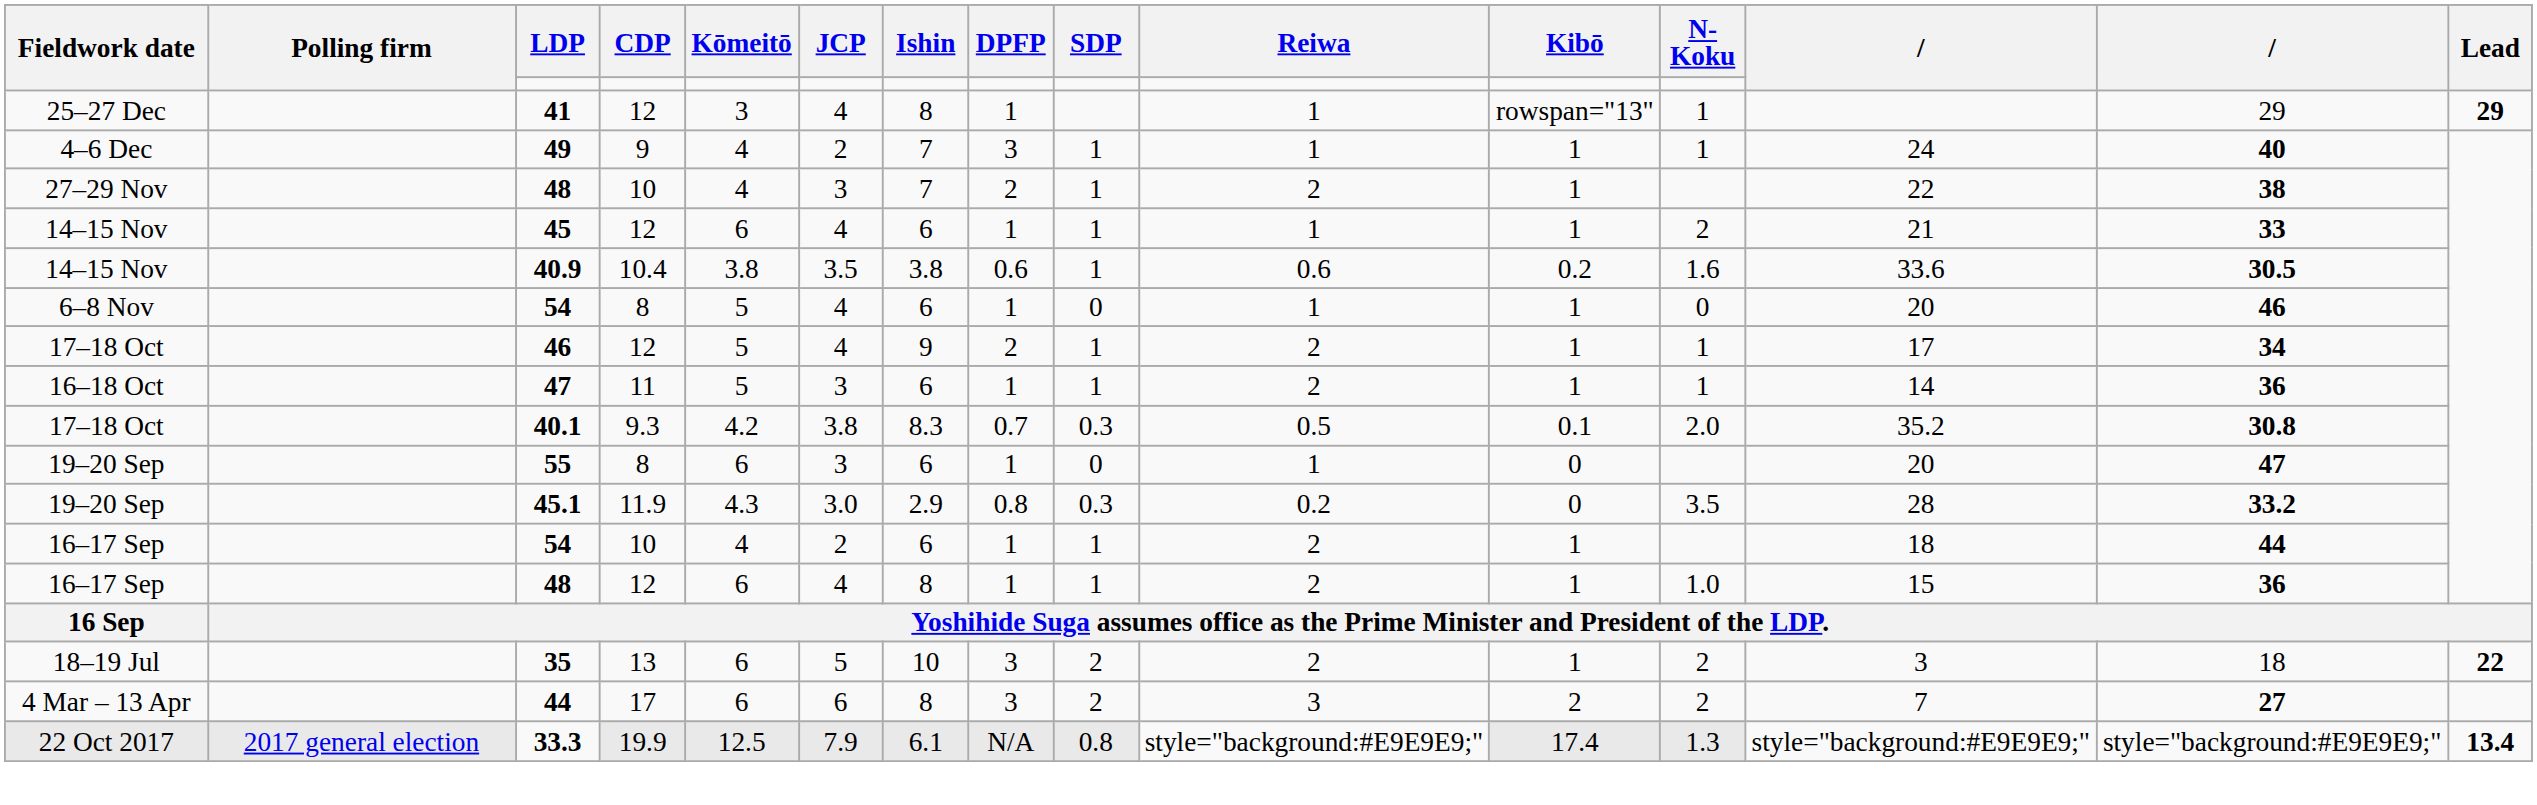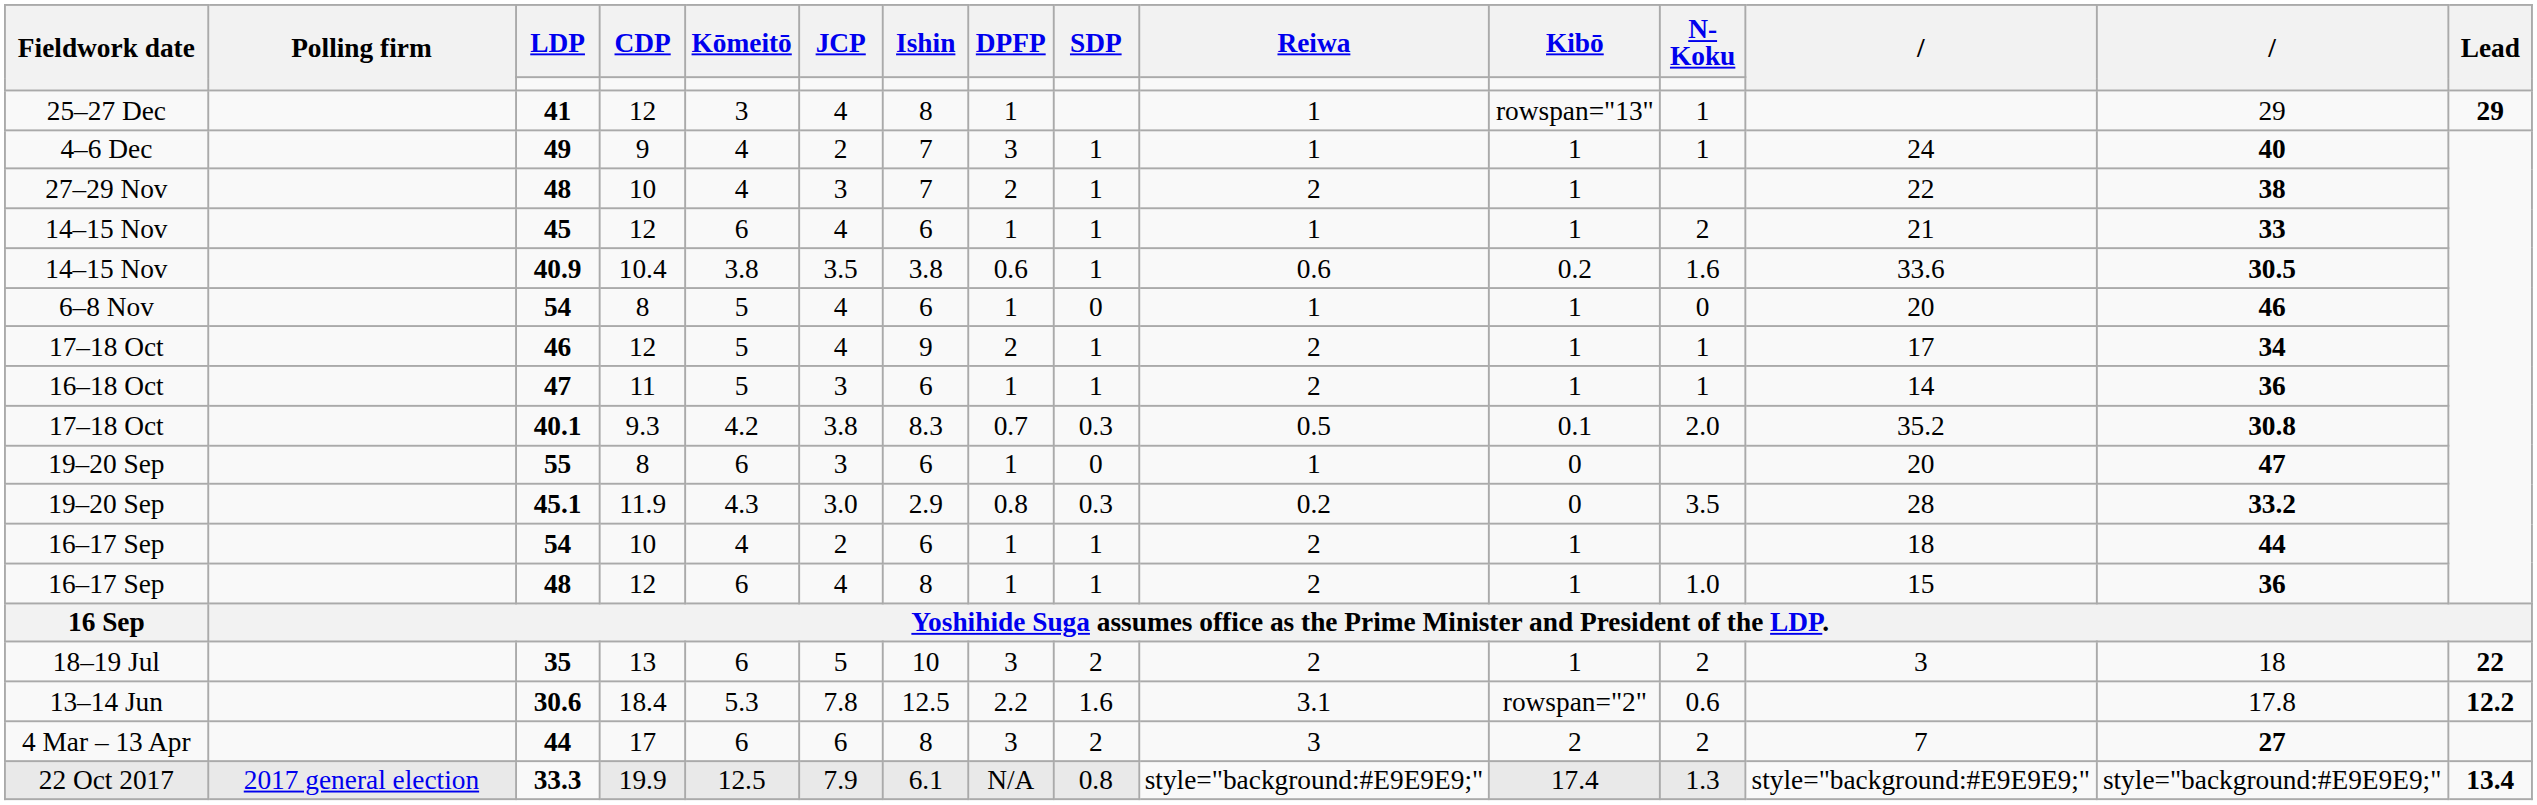 <table class="wikitable mw-datatable" style="text-align:center;font-size:90%;line-height:14px;">
 <tr style="height:38px;">
 <th class="unsortable" rowspan="2" width=100px>Fieldwork date</th>
 <th class="unsortable" rowspan="2" width=155px>Polling firm</th>
 <th class="unsortable" width=38px><a href='#'>LDP</a></th>
 <th class="unsortable" width=38px><a href='#'>CDP</a></th>
 <th class="unsortable" width=38px><a href='#'>Kōmeitō</a></th>
 <th class="unsortable" width=38px><a href='#'>JCP</a></th>
 <th class="unsortable" width=38px><a href='#'>Ishin</a></th>
 <th class="unsortable" width=38px><a href='#'>DPFP</a></th>
 <th class="unsortable" width=38px><a href='#'>SDP</a></th>
 <th class="unsortable" width=38px><a href='#'>Reiwa</a></th>
 <th class="unsortable" width=38px><a href='#'>Kibō</a></th>
 <th class="unsortable" width=38px><a href='#'>N-Koku</a></th>
 <th rowspan="2" class="unsortable" width="38px">/<br></th>
 <th class="unsortable" width=38px rowspan=2>/<br></th>
 <th class="unsortable" width=38px rowspan=2>Lead</th>
 </tr>
 <tr>
 <td style="background-color: "></td>
 <td style="background-color: "></td>
 <td style="background-color: "></td>
 <td style="background-color: "></td>
 <td style="background-color: "></td>
 <td style="background-color: "></td>
 <td style="background-color: "></td>
 <td style="background-color: "></td>
 <td style="background-color: "></td>
 <td style="background-color: "></td>
 </tr>
 <tr>
 <td>25–27 Dec</td>
 <td></td>
 <td><strong>41</strong></td>
 <td>12</td>
 <td>3</td>
 <td>4</td>
 <td>8</td>
 <td>1</td>
 <td></td>
 <td>1</td>
 <td>rowspan="13"  </td>
 <td>1</td>
 <td></td>
 <td>29</td>
 <td style="background:"><strong>29</strong></td>
 </tr>
 <tr>
 <td>4–6 Dec</td>
 <td></td>
 <td><strong>49</strong></td>
 <td>9</td>
 <td>4</td>
 <td>2</td>
 <td>7</td>
 <td>3</td>
 <td>1</td>
 <td>1</td>
 <td>1</td>
 <td>1</td>
 <td>24</td>
 <td style="background:"><strong>40</strong></td>
 </tr>
 <tr>
 <td>27–29 Nov</td>
 <td></td>
 <td><strong>48</strong></td>
 <td>10</td>
 <td>4</td>
 <td>3</td>
 <td>7</td>
 <td>2</td>
 <td>1</td>
 <td>2</td>
 <td>1</td>
 <td></td>
 <td>22</td>
 <td style="background:"><strong>38</strong></td>
 </tr>
 <tr>
 <td>14–15 Nov</td>
 <td></td>
 <td><strong>45</strong></td>
 <td>12</td>
 <td>6</td>
 <td>4</td>
 <td>6</td>
 <td>1</td>
 <td>1</td>
 <td>1</td>
 <td>1</td>
 <td>2</td>
 <td>21</td>
 <td style="background:"><strong>33</strong></td>
 </tr>
 <tr>
 <td>14–15 Nov</td>
 <td></td>
 <td><strong>40.9</strong></td>
 <td>10.4</td>
 <td>3.8</td>
 <td>3.5</td>
 <td>3.8</td>
 <td>0.6</td>
 <td>1</td>
 <td>0.6</td>
 <td>0.2</td>
 <td>1.6</td>
 <td>33.6</td>
 <td style="background:"><strong>30.5</strong></td>
 </tr>
 <tr>
 <td>6–8 Nov</td>
 <td></td>
 <td><strong>54</strong></td>
 <td>8</td>
 <td>5</td>
 <td>4</td>
 <td>6</td>
 <td>1</td>
 <td>0</td>
 <td>1</td>
 <td>1</td>
 <td>0</td>
 <td>20</td>
 <td style="background:"><strong>46</strong></td>
 </tr>
 <tr>
 <td>17–18 Oct</td>
 <td></td>
 <td><strong>46</strong></td>
 <td>12</td>
 <td>5</td>
 <td>4</td>
 <td>9</td>
 <td>2</td>
 <td>1</td>
 <td>2</td>
 <td>1</td>
 <td>1</td>
 <td>17</td>
 <td style="background:"><strong>34</strong></td>
 </tr>
 <tr>
 <td>16–18 Oct</td>
 <td></td>
 <td><strong>47</strong></td>
 <td>11</td>
 <td>5</td>
 <td>3</td>
 <td>6</td>
 <td>1</td>
 <td>1</td>
 <td>2</td>
 <td>1</td>
 <td>1</td>
 <td>14</td>
 <td style="background:"><strong>36</strong></td>
 </tr>
 <tr>
 <td>17–18 Oct</td>
 <td></td>
 <td><strong>40.1</strong></td>
 <td>9.3</td>
 <td>4.2</td>
 <td>3.8</td>
 <td>8.3</td>
 <td>0.7</td>
 <td>0.3</td>
 <td>0.5</td>
 <td>0.1</td>
 <td>2.0</td>
 <td>35.2</td>
 <td style="background:"><strong>30.8</strong></td>
 </tr>
 <tr>
 <td>19–20 Sep</td>
 <td></td>
 <td><strong>55</strong></td>
 <td>8</td>
 <td>6</td>
 <td>3</td>
 <td>6</td>
 <td>1</td>
 <td>0</td>
 <td>1</td>
 <td>0</td>
 <td></td>
 <td>20</td>
 <td style="background:"><strong>47</strong></td>
 </tr>
 <tr>
 <td>19–20 Sep</td>
 <td></td>
 <td><strong>45.1</strong></td>
 <td>11.9</td>
 <td>4.3</td>
 <td>3.0</td>
 <td>2.9</td>
 <td>0.8</td>
 <td>0.3</td>
 <td>0.2</td>
 <td>0</td>
 <td>3.5</td>
 <td>28</td>
 <td style="background:"><strong>33.2</strong></td>
 </tr>
 <tr>
 <td>16–17 Sep</td>
 <td></td>
 <td><strong>54</strong></td>
 <td>10</td>
 <td>4</td>
 <td>2</td>
 <td>6</td>
 <td>1</td>
 <td>1</td>
 <td>2</td>
 <td>1</td>
 <td></td>
 <td>18</td>
 <td style="background:"><strong>44</strong></td>
 </tr>
 <tr>
 <td>16–17 Sep</td>
 <td></td>
 <td><strong>48</strong></td>
 <td>12</td>
 <td>6</td>
 <td>4</td>
 <td>8</td>
 <td>1</td>
 <td>1</td>
 <td>2</td>
 <td>1</td>
 <td>1.0</td>
 <td>15</td>
 <td style="background:"><strong>36</strong></td>
 </tr>
 <tr>
 <th>16 Sep</th>
 <th colspan="14"><a href='#'>Yoshihide Suga</a> assumes office as the Prime Minister and President of the <a href='#'>LDP</a>.</th>
 </tr>
 <tr>
 <td>18–19 Jul</td>
 <td></td>
 <td><strong>35</strong></td>
 <td>13</td>
 <td>6</td>
 <td>5</td>
 <td>10</td>
 <td>3</td>
 <td>2</td>
 <td>2</td>
 <td>1</td>
 <td>2</td>
 <td>3</td>
 <td>18</td>
 <td style="background:"><strong>22</strong></td>
 </tr>
 <tr>
+<td>13–14 Jun</td>
+<td></td>
+<td><strong>30.6</strong></td>
+<td>18.4</td>
+<td>5.3</td>
+<td>7.8</td>
+<td>12.5</td>
+<td>2.2</td>
+<td>1.6</td>
+<td>3.1</td>
+<td>rowspan="2"  </td>
+<td>0.6</td>
+<td></td>
+<td>17.8</td>
+<td style="background:"><strong>12.2</strong></td>
+</tr>
+<tr>
 <td>4 Mar – 13 Apr</td>
 <td></td>
 <td><strong>44</strong></td>
 <td>17</td>
 <td>6</td>
 <td>6</td>
 <td>8</td>
 <td>3</td>
 <td>2</td>
 <td>3</td>
 <td>2</td>
 <td>2</td>
 <td>7</td>
 <td style="background:"><strong>27</strong></td>
 </tr>
 <tr>
 <td style="background:#E9E9E9;" data-sort-value="2017-10-22">22 Oct 2017</td>
 <td style="background:#E9E9E9;"><a href='#'>2017 general election</a></td>
 <td><strong>33.3</strong></td>
 <td style="background:#E9E9E9;">19.9</td>
 <td style="background:#E9E9E9;">12.5</td>
 <td style="background:#E9E9E9;">7.9</td>
 <td style="background:#E9E9E9;">6.1</td>
 <td style="background:#E9E9E9;">N/A</td>
 <td style="background:#E9E9E9;">0.8</td>
 <td>style="background:#E9E9E9;" </td>
 <td style="background:#E9E9E9;">17.4</td>
 <td style="background:#E9E9E9;">1.3</td>
 <td>style="background:#E9E9E9;" </td>
 <td>style="background:#E9E9E9;" </td>
 <td style="background:"><strong>13.4</strong></td>
 </tr>
 </table>
